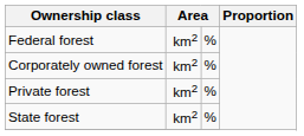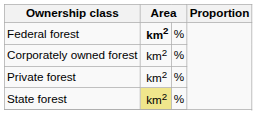 <table class="wikitable sortable">
 <tr>
 <th>Ownership class</th>
 <th colspan=2>Area</th>
 <th colspan=2>Proportion</th>
 </tr>
 <tr>
 <td>Federal forest</td>
-<td> km<sup>2</sup></td>
+<td><strong> km<sup>2</sup></strong></td>
 <td>%</td>
 </tr>
 <tr>
 <td>Corporately owned forest</td>
 <td> km<sup>2</sup></td>
 <td>%</td>
 </tr>
 <tr>
 <td>Private forest</td>
 <td> km<sup>2</sup></td>
 <td>%</td>
 </tr>
 <tr>
 <td>State forest</td>
-<td> km<sup>2</sup></td>
+<td style="background: khaki;"> km<sup>2</sup></td>
 <td>%</td>
 </tr>
 <tr>
 </tr>
 </table>
